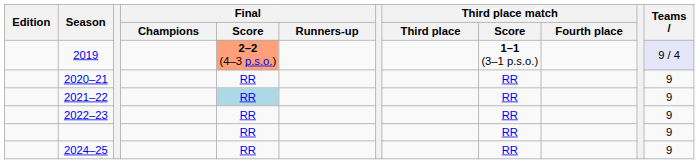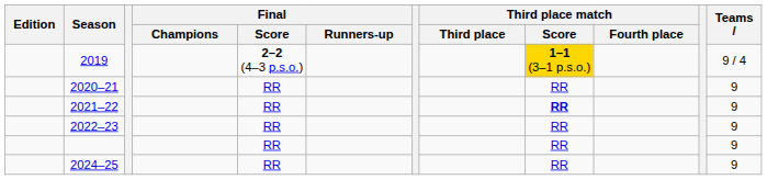 <table class="wikitable" style="font-size:90%; width: %; text-align: center;">
 <tr>
 <th rowspan="2" width=" %">Edition</th>
 <th rowspan="2" width="8%">Season</th>
 <th rowspan="8" width="1%"></th>
 <th colspan="3">Final</th>
 <th rowspan="8" width="1%"></th>
 <th colspan="3">Third place match</th>
 <th rowspan="8" width="1%"></th>
 <th rowspan="2" width=" %">Teams<br> / </th>
 </tr>
 <tr>
 <th width=14%>Champions</th>
 <th width=9%>Score</th>
 <th width=14%>Runners-up</th>
 <th width=14%>Third place</th>
 <th width=9%>Score</th>
 <th width=14%>Fourth place</th>
 </tr>
 <tr>
 <td></td>
 <td><a href='#'>2019</a><em></td>
 <td><strong></strong></td>
-<td style="background: lightsalmon;"><strong>2–2</strong><br>(4–3 <a href='#'>p.s.o.</a>)</td>
+<td><strong>2–2</strong><br>(4–3 <a href='#'>p.s.o.</a>)</td>
 <td></td>
 <td></td>
-<td><strong>1–1</strong> <br>(3–1 p.s.o.)</td>
+<td style="background: gold;"><strong>1–1</strong> <br>(3–1 p.s.o.)</td>
 <td></td>
-<td style="background: lavender;">9 / 4</td>
+<td>9 / 4</td>
 </tr>
 <tr>
 <td></td>
 <td><a href='#'>2020–21</a></td>
 <td><strong></strong></td>
 <td><a href='#'>RR</a></td>
 <td></td>
 <td></td>
 <td><a href='#'>RR</a></td>
 <td></td>
 <td>9</td>
 </tr>
 <tr>
 <td></td>
 <td><a href='#'>2021–22</a></td>
 <td><strong></strong></td>
-<td style="background: lightblue;"><a href='#'>RR</a></td>
+<td><a href='#'>RR</a></td>
 <td></td>
 <td></td>
-<td><a href='#'>RR</a></td>
+<td><strong><a href='#'>RR</a></strong></td>
 <td></td>
 <td>9</td>
 </tr>
 <tr>
 <td></td>
 <td><a href='#'>2022–23</a></td>
 <td><strong></strong></td>
 <td><a href='#'>RR</a></td>
 <td></td>
 <td></td>
 <td><a href='#'>RR</a></td>
 <td></td>
 <td>9</td>
 </tr>
 <tr>
 <td></td>
 <td></td>
 <td><strong></strong></td>
 <td><a href='#'>RR</a></td>
 <td></td>
 <td></td>
 <td><a href='#'>RR</a></td>
 <td></td>
 <td>9</td>
 </tr>
 <tr>
 <td></td>
 <td><a href='#'>2024–25</a></td>
 <td></td>
 <td><a href='#'>RR</a></td>
 <td></td>
 <td></td>
 <td><a href='#'>RR</a></td>
 <td></td>
 <td>9</td>
 </tr>
 </table>
